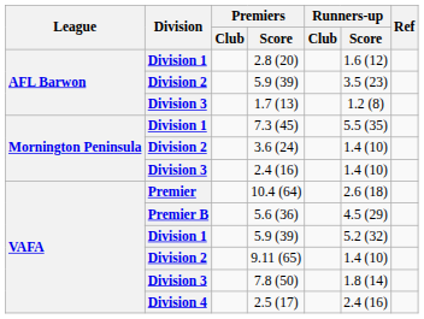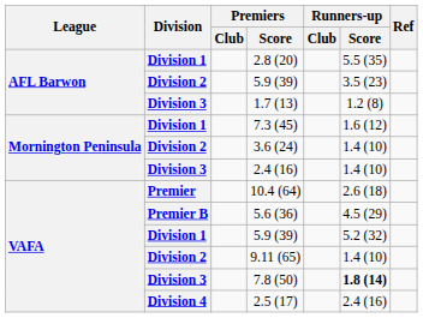 <table class="wikitable" style="text-align:center; text-valign:center">
 <tr>
 <th rowspan=2>League</th>
 <th rowspan=2>Division</th>
 <th colspan=2>Premiers</th>
 <th colspan=2>Runners-up</th>
 <th rowspan=2>Ref</th>
 </tr>
 <tr>
 <th>Club</th>
 <th>Score</th>
 <th>Club</th>
 <th>Score</th>
 </tr>
 <tr>
 <th style=text-align:left; rowspan=3><a href='#'>AFL Barwon</a></th>
 <th style=text-align:left><a href='#'>Division 1</a></th>
 <td align=left></td>
 <td>2.8 (20)</td>
 <td align=left></td>
-<td>1.6 (12)</td>
+<td>5.5 (35)</td>
 <td></td>
 </tr>
 <tr>
 <th style=text-align:left><a href='#'>Division 2</a></th>
 <td align=left></td>
 <td>5.9 (39)</td>
 <td align=left></td>
 <td>3.5 (23)</td>
 <td></td>
 </tr>
 <tr>
 <th style=text-align:left><a href='#'>Division 3</a></th>
 <td align=left></td>
 <td>1.7 (13)</td>
 <td align=left></td>
 <td>1.2 (8)</td>
 <td></td>
 </tr>
 <tr>
 <th style=text-align:left; rowspan=3><a href='#'>Mornington Peninsula</a></th>
 <th style=text-align:left><a href='#'>Division 1</a></th>
 <td align=left></td>
 <td>7.3 (45)</td>
 <td align=left></td>
-<td>5.5 (35)</td>
+<td>1.6 (12)</td>
 <td></td>
 </tr>
 <tr>
 <th style=text-align:left><a href='#'>Division 2</a></th>
 <td align=left></td>
 <td>3.6 (24)</td>
 <td align=left></td>
 <td>1.4 (10)</td>
 <td></td>
 </tr>
 <tr>
 <th style=text-align:left><a href='#'>Division 3</a></th>
 <td align=left></td>
 <td>2.4 (16)</td>
 <td align=left></td>
 <td>1.4 (10)</td>
 <td></td>
 </tr>
 <tr>
 <th style=text-align:left; rowspan=6><a href='#'>VAFA</a></th>
 <th style=text-align:left><a href='#'>Premier</a></th>
 <td align=left></td>
 <td>10.4 (64)</td>
 <td align=left></td>
 <td>2.6 (18)</td>
 <td></td>
 </tr>
 <tr>
 <th style=text-align:left><a href='#'>Premier B</a></th>
 <td align=left></td>
 <td>5.6 (36)</td>
 <td align=left></td>
 <td>4.5 (29)</td>
 <td></td>
 </tr>
 <tr>
 <th style=text-align:left><a href='#'>Division 1</a></th>
 <td align=left></td>
 <td>5.9 (39)</td>
 <td align=left></td>
 <td>5.2 (32)</td>
 <td></td>
 </tr>
 <tr>
 <th style=text-align:left><a href='#'>Division 2</a></th>
 <td align=left></td>
 <td>9.11 (65)</td>
 <td align=left></td>
 <td>1.4 (10)</td>
 <td></td>
 </tr>
 <tr>
 <th style=text-align:left><a href='#'>Division 3</a></th>
 <td align=left></td>
 <td>7.8 (50)</td>
 <td align=left></td>
-<td>1.8 (14)</td>
+<td><strong>1.8 (14)</strong></td>
 <td></td>
 </tr>
 <tr>
 <th style=text-align:left><a href='#'>Division 4</a></th>
 <td align=left></td>
 <td>2.5 (17)</td>
 <td align=left></td>
 <td>2.4 (16)</td>
 <td></td>
 </tr>
 </table>
